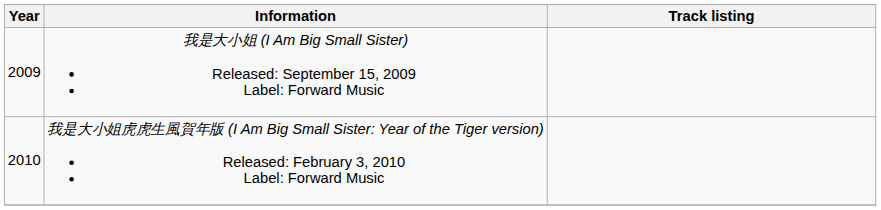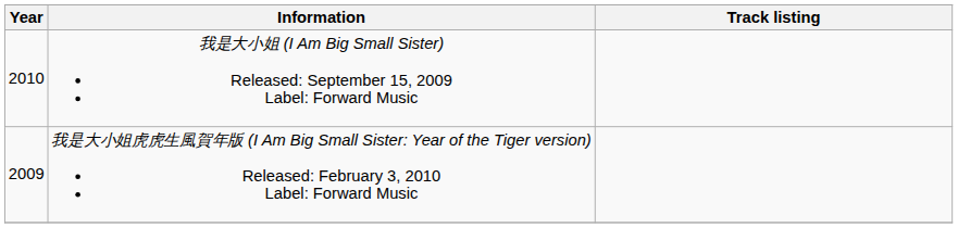 <table class="wikitable">
 <tr>
 </tr>
 <tr>
 <th>Year</th>
 <th>Information</th>
 <th width="350">Track listing</th>
 </tr>
 <tr>
-<td>2009</td>
+<td>2010</td>
 <td align="center"><em>我是大小姐 (I Am Big Small Sister)</em><br><ul><li>Released: September 15, 2009</li><li>Label: Forward Music</li></ul></td>
 <td></td>
 </tr>
 <tr>
-<td>2010</td>
+<td>2009</td>
 <td align="center"><em>我是大小姐虎虎生風賀年版 (I Am Big Small Sister: Year of the Tiger version)</em><br><ul><li>Released: February 3, 2010</li><li>Label: Forward Music</li></ul></td>
 <td></td>
 </tr>
 <tr>
 </tr>
 </table>
